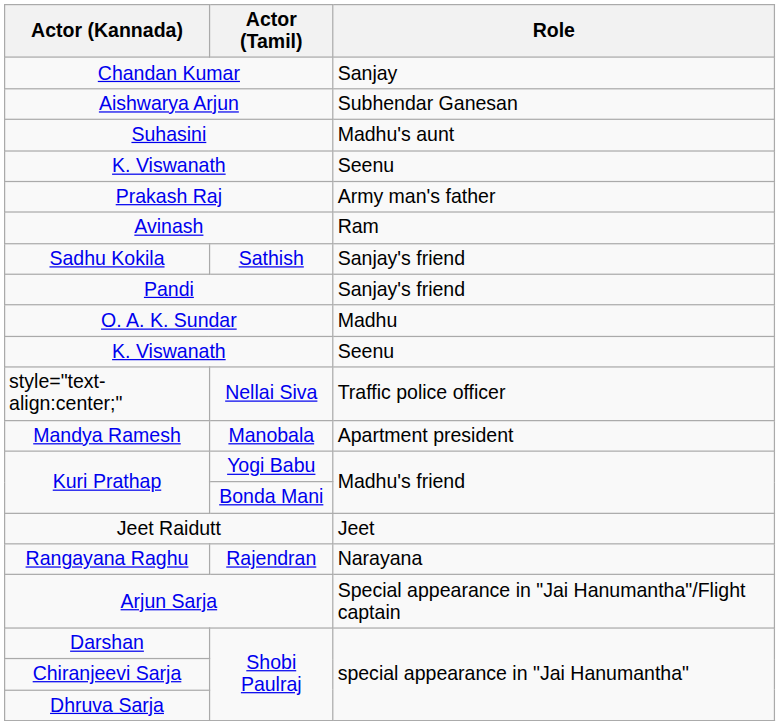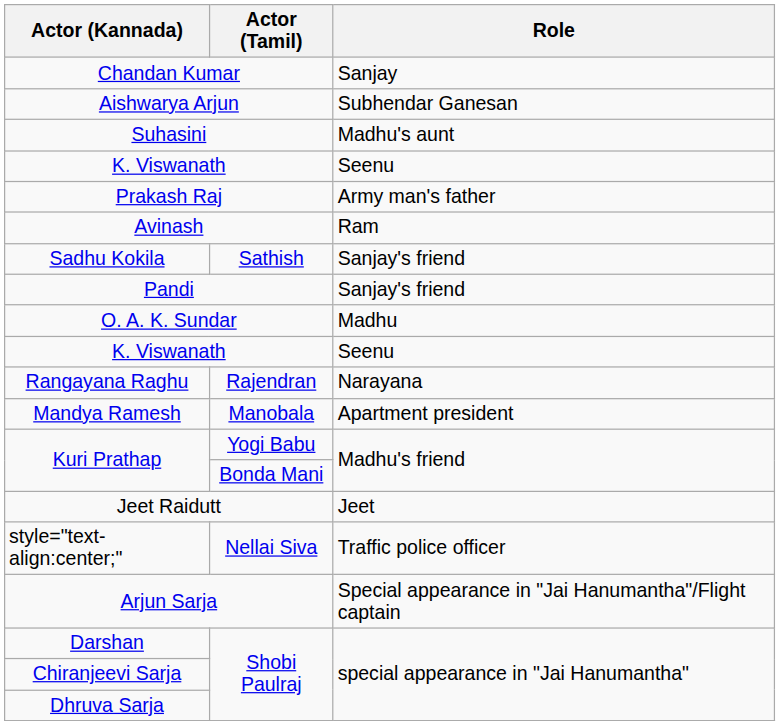 <table class="wikitable" style="width:50%;">
 <tr>
 <th>Actor (Kannada)</th>
 <th>Actor (Tamil)</th>
 <th>Role</th>
 </tr>
 <tr>
 <td colspan="2" style="text-align:center;"><a href='#'>Chandan Kumar</a></td>
 <td>Sanjay</td>
 </tr>
 <tr>
 <td colspan="2" style="text-align:center;"><a href='#'>Aishwarya Arjun</a></td>
 <td>Subhendar Ganesan</td>
 </tr>
 <tr>
 <td colspan="2" style="text-align:center;"><a href='#'>Suhasini</a></td>
 <td>Madhu's aunt</td>
 </tr>
 <tr>
 <td colspan="2" style="text-align:center;"><a href='#'>K. Viswanath</a></td>
 <td>Seenu</td>
 </tr>
 <tr>
 <td colspan="2" style="text-align:center;"><a href='#'>Prakash Raj</a></td>
 <td>Army man's father</td>
 </tr>
 <tr>
 <td colspan="2" style="text-align:center;"><a href='#'>Avinash</a></td>
 <td>Ram</td>
 </tr>
 <tr>
 <td style="text-align:center;"><a href='#'>Sadhu Kokila</a></td>
 <td style="text-align:center;"><a href='#'>Sathish</a></td>
 <td>Sanjay's friend</td>
 </tr>
 <tr>
 <td colspan="2" style="text-align:center;"><a href='#'>Pandi</a></td>
 <td>Sanjay's friend</td>
 </tr>
 <tr>
 <td colspan="2" style="text-align:center;"><a href='#'>O. A. K. Sundar</a></td>
 <td>Madhu</td>
 </tr>
 <tr>
 <td colspan="2" style="text-align:center;"><a href='#'>K. Viswanath</a></td>
 <td>Seenu</td>
 </tr>
 <tr>
-<td>style="text-align:center;"  </td>
-<td style="text-align:center;"><a href='#'>Nellai Siva</a></td>
-<td>Traffic police officer</td>
+<td style="text-align:center;"><a href='#'>Rangayana Raghu</a></td>
+<td style="text-align:center;"><a href='#'>Rajendran</a></td>
+<td>Narayana</td>
 </tr>
 <tr>
 <td style="text-align:center;"><a href='#'>Mandya Ramesh</a></td>
 <td style="text-align:center;"><a href='#'>Manobala</a></td>
 <td>Apartment president</td>
 </tr>
 <tr>
 <td rowspan="2" style="text-align:center;"><a href='#'>Kuri Prathap</a></td>
 <td style="text-align:center;"><a href='#'>Yogi Babu</a></td>
 <td rowspan="2">Madhu's friend</td>
 </tr>
 <tr>
 <td style="text-align:center;"><a href='#'>Bonda Mani</a></td>
 </tr>
 <tr>
 <td colspan="2" style="text-align:center;">Jeet Raidutt</td>
 <td>Jeet</td>
 </tr>
 <tr>
-<td style="text-align:center;"><a href='#'>Rangayana Raghu</a></td>
-<td style="text-align:center;"><a href='#'>Rajendran</a></td>
-<td>Narayana</td>
+<td>style="text-align:center;"  </td>
+<td style="text-align:center;"><a href='#'>Nellai Siva</a></td>
+<td>Traffic police officer</td>
 </tr>
 <tr>
 <td colspan="2" style="text-align:center;"><a href='#'>Arjun Sarja</a></td>
 <td>Special appearance in "Jai Hanumantha"/Flight captain</td>
 </tr>
 <tr>
 <td style="text-align:center;"><a href='#'>Darshan</a></td>
 <td rowspan="3"  style="text-align:center;"><a href='#'>Shobi Paulraj</a></td>
 <td rowspan="3">special appearance in "Jai Hanumantha"</td>
 </tr>
 <tr>
 <td style="text-align:center;"><a href='#'>Chiranjeevi Sarja</a></td>
 </tr>
 <tr>
 <td style="text-align:center;"><a href='#'>Dhruva Sarja</a></td>
 </tr>
 <tr>
 </tr>
 <tr>
 </tr>
 </table>
